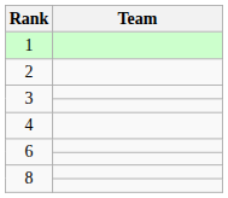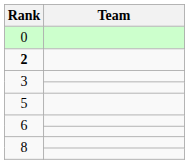 <table class="wikitable" style="text-align: center;">
 <tr>
 <th>Rank</th>
 <th width=155>Team</th>
 </tr>
 <tr bgcolor=#cfc>
-<td>1</td>
+<td>0</td>
 <td align=left></td>
 </tr>
 <tr>
-<td>2</td>
+<td><strong>2</strong></td>
 <td align=left></td>
 </tr>
 <tr>
 <td rowspan="2">3</td>
 <td align=left></td>
 </tr>
 <tr>
 <td align=left></td>
 </tr>
 <tr>
-<td>4</td>
+<td>5</td>
 <td align=left></td>
 </tr>
 <tr>
 <td rowspan="2">6</td>
 <td align=left></td>
 </tr>
 <tr>
 <td align=left></td>
 </tr>
 <tr>
 <td rowspan="2">8</td>
 <td align=left></td>
 </tr>
 <tr>
 <td align=left></td>
 </tr>
 </table>
